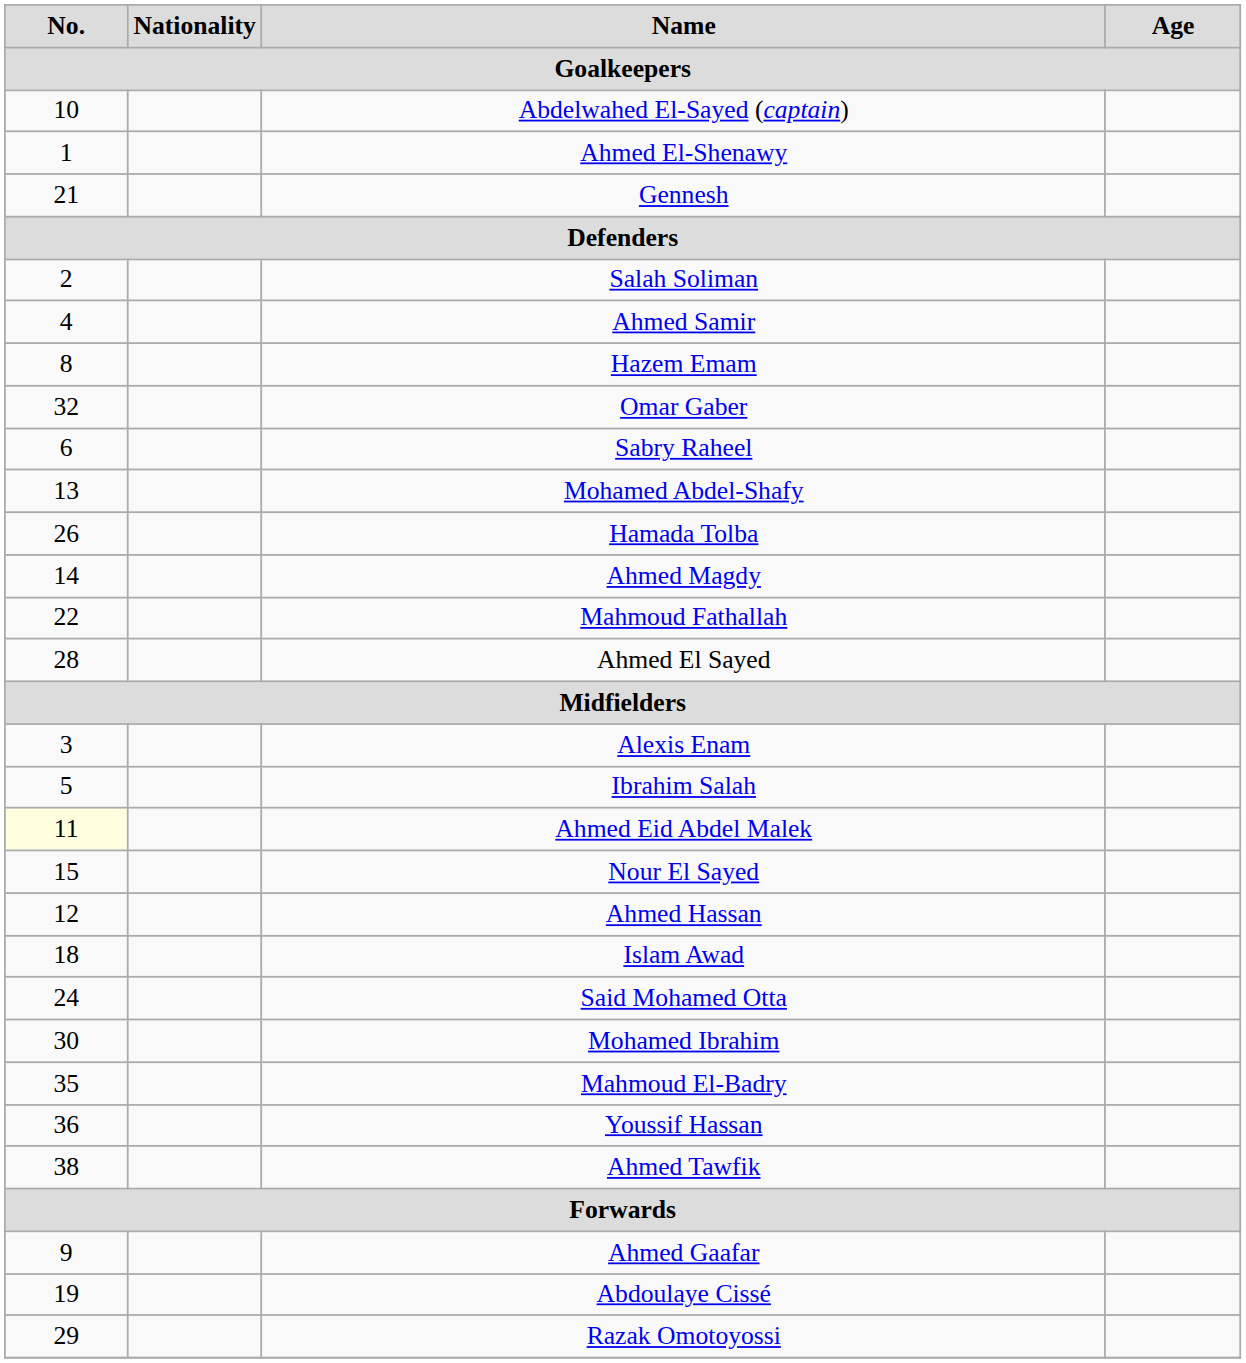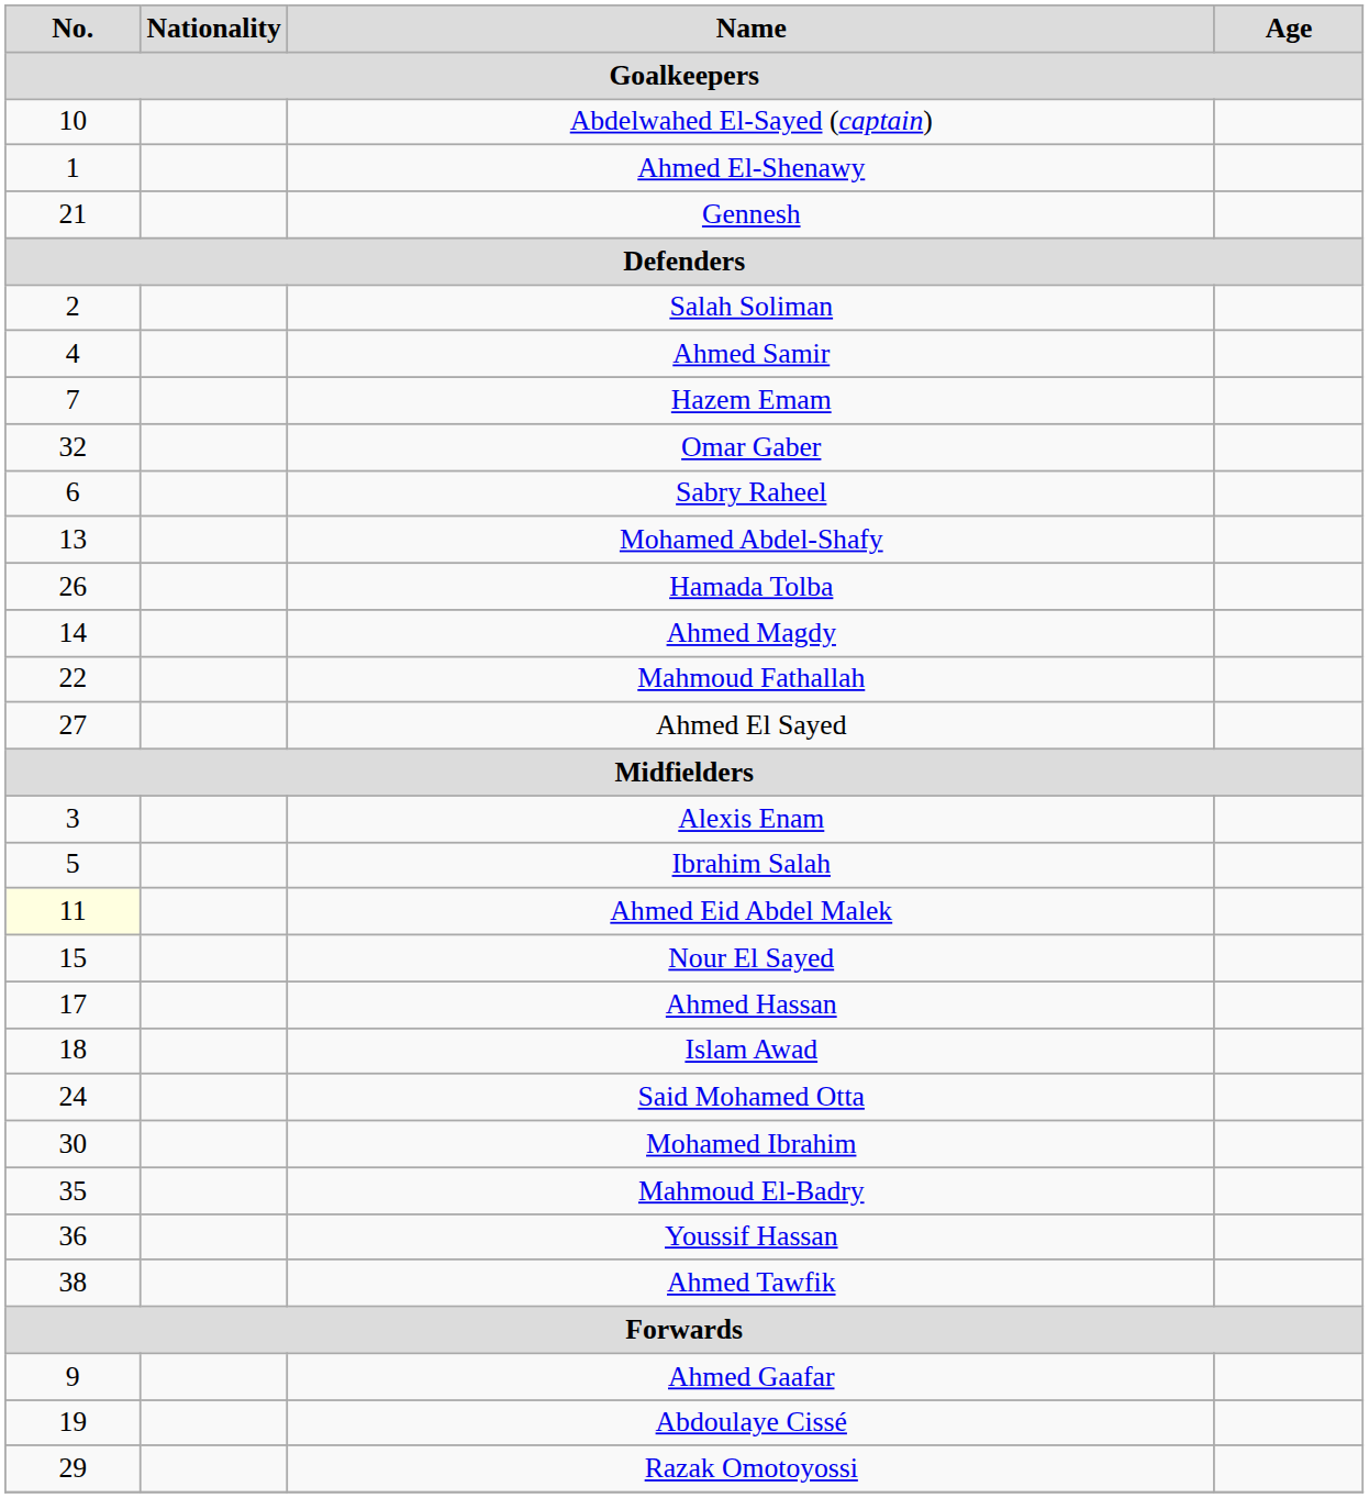 <table class="wikitable" style="text-align:center; font-size:90%; width:55%">
 <tr>
 <th style="background:#DCDCDC; color:black;">No.</th>
 <th style="background:#DCDCDC; color:black;" width=55;>Nationality</th>
 <th style="background:#DCDCDC; color:black;">Name</th>
 <th style="background:#DCDCDC; color:black;">Age</th>
 </tr>
 <tr>
 <th colspan="8" style="background:#DCDCDC;">Goalkeepers</th>
 </tr>
 <tr>
 <td>10</td>
 <td></td>
 <td><a href='#'>Abdelwahed El-Sayed</a> (<a href='#'><em>captain</em></a>)</td>
 <td></td>
 </tr>
 <tr>
 <td>1</td>
 <td></td>
 <td><a href='#'>Ahmed El-Shenawy</a></td>
 <td></td>
 </tr>
 <tr>
 <td>21</td>
 <td></td>
 <td><a href='#'>Gennesh</a></td>
 <td></td>
 </tr>
 <tr>
 <th colspan="8" style="background:#DCDCDC;">Defenders</th>
 </tr>
 <tr>
 <td>2</td>
 <td></td>
 <td><a href='#'>Salah Soliman</a></td>
 <td></td>
 </tr>
 <tr>
 <td>4</td>
 <td></td>
 <td><a href='#'>Ahmed Samir</a></td>
 <td></td>
 </tr>
 <tr>
-<td>8</td>
+<td>7</td>
 <td></td>
 <td><a href='#'>Hazem Emam</a></td>
 <td></td>
 </tr>
 <tr>
 <td>32</td>
 <td></td>
 <td><a href='#'>Omar Gaber</a></td>
 <td></td>
 </tr>
 <tr>
 <td>6</td>
 <td></td>
 <td><a href='#'>Sabry Raheel</a></td>
 <td></td>
 </tr>
 <tr>
 <td>13</td>
 <td></td>
 <td><a href='#'>Mohamed Abdel-Shafy</a></td>
 <td></td>
 </tr>
 <tr>
 <td>26</td>
 <td></td>
 <td><a href='#'>Hamada Tolba</a></td>
 <td></td>
 </tr>
 <tr>
 <td>14</td>
 <td></td>
 <td><a href='#'>Ahmed Magdy</a></td>
 <td></td>
 </tr>
 <tr>
 <td>22</td>
 <td></td>
 <td><a href='#'>Mahmoud Fathallah</a></td>
 <td></td>
 </tr>
 <tr>
-<td>28</td>
+<td>27</td>
 <td></td>
 <td>Ahmed El Sayed</td>
 <td></td>
 </tr>
 <tr>
 <th colspan="8" style="background:#DCDCDC;">Midfielders</th>
 </tr>
 <tr>
 <td>3</td>
 <td></td>
 <td><a href='#'>Alexis Enam</a></td>
 <td></td>
 </tr>
 <tr>
 <td>5</td>
 <td></td>
 <td><a href='#'>Ibrahim Salah</a></td>
 <td></td>
 </tr>
 <tr>
 <td style="background: lightyellow;">11</td>
 <td></td>
 <td><a href='#'>Ahmed Eid Abdel Malek</a></td>
 <td></td>
 </tr>
 <tr>
 <td>15</td>
 <td></td>
 <td><a href='#'>Nour El Sayed</a></td>
 <td></td>
 </tr>
 <tr>
-<td>12</td>
+<td>17</td>
 <td></td>
 <td><a href='#'>Ahmed Hassan</a></td>
 <td></td>
 </tr>
 <tr>
 <td>18</td>
 <td></td>
 <td><a href='#'>Islam Awad</a></td>
 <td></td>
 </tr>
 <tr>
 <td>24</td>
 <td></td>
 <td><a href='#'>Said Mohamed Otta</a></td>
 <td></td>
 </tr>
 <tr>
 <td>30</td>
 <td></td>
 <td><a href='#'>Mohamed Ibrahim</a></td>
 <td></td>
 </tr>
 <tr>
 <td>35</td>
 <td></td>
 <td><a href='#'>Mahmoud El-Badry</a></td>
 <td></td>
 </tr>
 <tr>
 <td>36</td>
 <td></td>
 <td><a href='#'>Youssif Hassan</a></td>
 <td></td>
 </tr>
 <tr>
 <td>38</td>
 <td></td>
 <td><a href='#'>Ahmed Tawfik</a></td>
 <td></td>
 </tr>
 <tr>
 <th colspan="8" style="background:#DCDCDC;">Forwards</th>
 </tr>
 <tr>
 <td>9</td>
 <td></td>
 <td><a href='#'>Ahmed Gaafar</a></td>
 <td></td>
 </tr>
 <tr>
 <td>19</td>
 <td></td>
 <td><a href='#'>Abdoulaye Cissé</a></td>
 <td></td>
 </tr>
 <tr>
 <td>29</td>
 <td></td>
 <td><a href='#'>Razak Omotoyossi</a></td>
 <td></td>
 </tr>
 <tr>
 </tr>
 </table>
